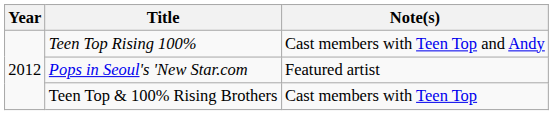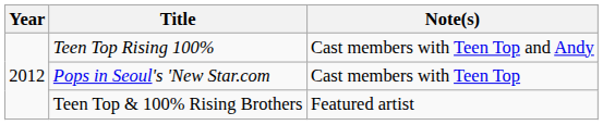 <table class="wikitable">
 <tr>
 <th scope="col">Year</th>
 <th scope="col">Title</th>
 <th>Note(s)</th>
 </tr>
 <tr>
 <td rowspan="3">2012</td>
 <td><em>Teen Top Rising 100%</em></td>
 <td>Cast members with <a href='#'>Teen Top</a> and <a href='#'>Andy</a></td>
 </tr>
 <tr>
 <td><em><a href='#'>Pops in Seoul</a>'s 'New Star.com<strong></td>
-<td>Featured artist</td>
+<td>Cast members with <a href='#'>Teen Top</a></td>
 </tr>
 <tr>
 <td></em>Teen Top & 100% Rising Brothers<em></td>
-<td>Cast members with <a href='#'>Teen Top</a></td>
+<td>Featured artist</td>
 </tr>
 </table>
